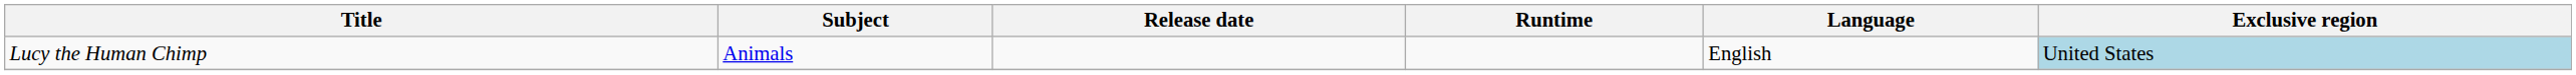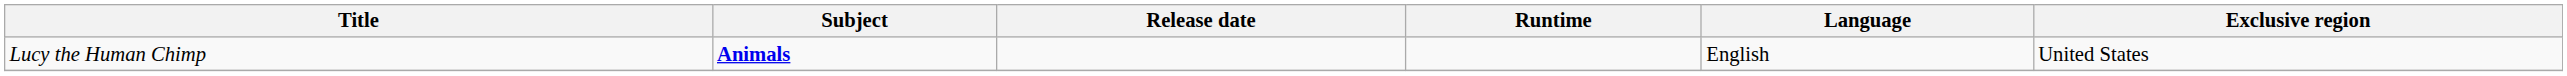 <table class="wikitable sortable" style="width:100%;">
 <tr>
 <th>Title</th>
 <th>Subject</th>
 <th>Release date</th>
 <th>Runtime</th>
 <th>Language</th>
 <th>Exclusive region</th>
 </tr>
 <tr>
 <td><em>Lucy the Human Chimp</em></td>
-<td><a href='#'>Animals</a></td>
+<td><strong><a href='#'>Animals</a></strong></td>
 <td></td>
 <td></td>
 <td>English</td>
-<td style="background: lightblue;">United States</td>
+<td>United States</td>
 </tr>
 <tr>
 </tr>
 </table>
